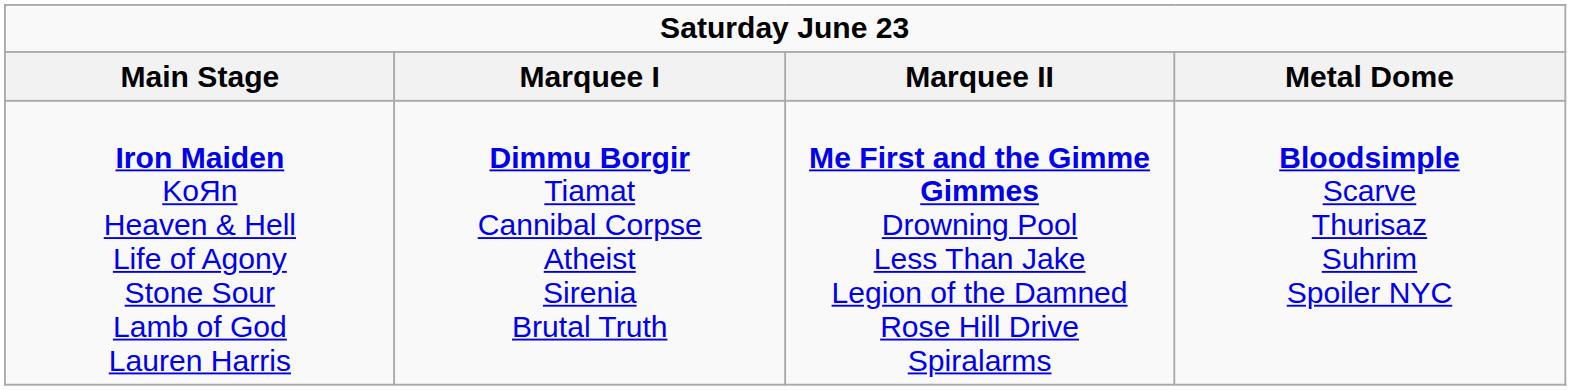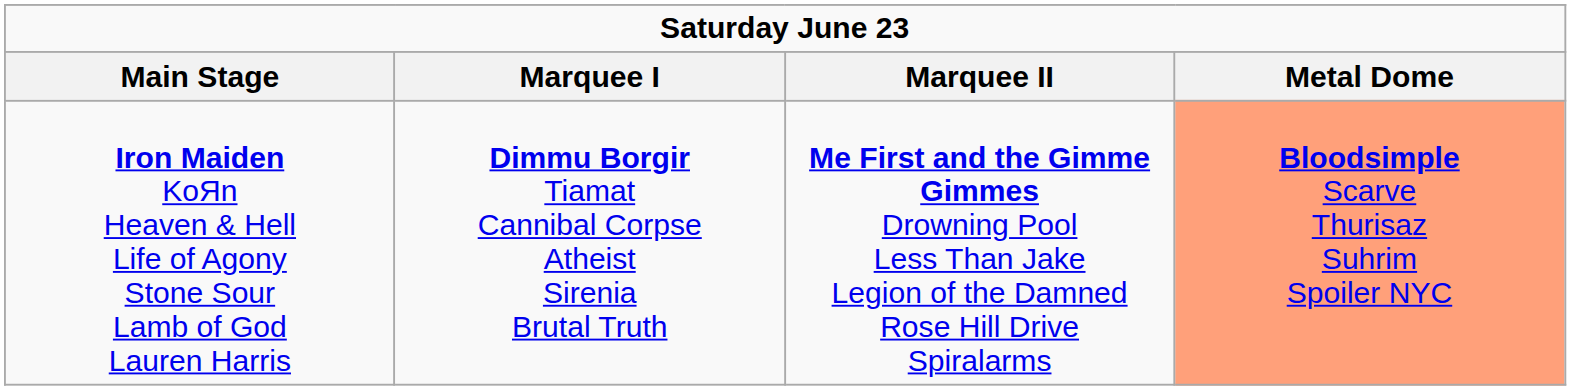 <table class="wikitable">
 <tr>
 <td colspan="4" style="text-align:center;"><strong>Saturday June 23</strong></td>
 </tr>
 <tr>
 <th>Main Stage</th>
 <th>Marquee I</th>
 <th>Marquee II</th>
 <th>Metal Dome</th>
 </tr>
 <tr>
 <td style="text-align:center; vertical-align:top; width:200px;"><br><strong><a href='#'>Iron Maiden</a></strong> <br><a href='#'>KoЯn</a> <br><a href='#'>Heaven & Hell</a> <br><a href='#'>Life of Agony</a> <br><a href='#'>Stone Sour</a> <br><a href='#'>Lamb of God</a> <br><a href='#'>Lauren Harris</a></td>
 <td style="text-align:center; vertical-align:top; width:200px;"><br><strong><a href='#'>Dimmu Borgir</a></strong> <br><a href='#'>Tiamat</a> <br><a href='#'>Cannibal Corpse</a> <br><a href='#'>Atheist</a> <br><a href='#'>Sirenia</a> <br><a href='#'>Brutal Truth</a></td>
 <td style="text-align:center; vertical-align:top; width:200px;"><br><strong><a href='#'>Me First and the Gimme Gimmes</a></strong> <br><a href='#'>Drowning Pool</a> <br><a href='#'>Less Than Jake</a> <br><a href='#'>Legion of the Damned</a> <br><a href='#'>Rose Hill Drive</a>  <br><a href='#'>Spiralarms</a></td>
-<td style="text-align:center; vertical-align:top; width:200px;"><br><strong><a href='#'>Bloodsimple</a></strong> <br><a href='#'>Scarve</a> <br><a href='#'>Thurisaz</a>  <br><a href='#'>Suhrim</a> <br><a href='#'>Spoiler NYC</a></td>
+<td style="background: lightsalmon; text-align:center; vertical-align:top; width:200px;"><br><strong><a href='#'>Bloodsimple</a></strong> <br><a href='#'>Scarve</a> <br><a href='#'>Thurisaz</a>  <br><a href='#'>Suhrim</a> <br><a href='#'>Spoiler NYC</a></td>
 </tr>
 </table>
